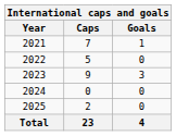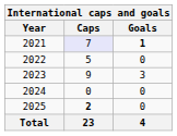 <table class="wikitable sortable" style="text-align:center">
 <tr>
 <th colspan="3">International caps and goals</th>
 </tr>
 <tr>
 <th>Year</th>
 <th>Caps</th>
 <th>Goals</th>
 </tr>
 <tr>
 <td>2021</td>
-<td>7</td>
-<td>1</td>
+<td style="background: lavender;">7</td>
+<td><strong>1</strong></td>
 </tr>
 <tr>
 <td>2022</td>
 <td>5</td>
 <td>0</td>
 </tr>
 <tr>
 <td>2023</td>
 <td>9</td>
 <td>3</td>
 </tr>
 <tr>
 <td>2024</td>
 <td>0</td>
 <td>0</td>
 </tr>
 <tr>
 <td>2025</td>
-<td>2</td>
+<td><strong>2</strong></td>
 <td>0</td>
 </tr>
 <tr>
 <th>Total</th>
 <th>23</th>
 <th>4</th>
 </tr>
 </table>
